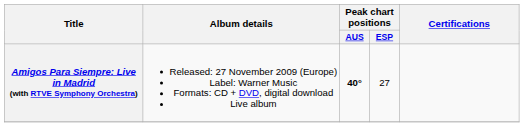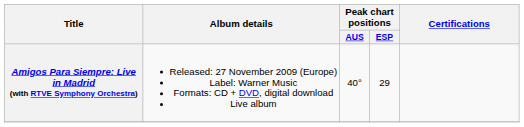 <table class="wikitable plainrowheaders" style="text-align:center;">
 <tr>
 <th scope="col" rowspan="2" style="width:14em;">Title</th>
 <th scope="col" rowspan="2" style="width:20em;">Album details</th>
 <th scope="col" colspan="2">Peak chart positions</th>
 <th scope="col" rowspan="2" style="width:12em;"><a href='#'>Certifications</a></th>
 </tr>
 <tr>
 <th scope="col" style="width:3em;font-size:90%;"><a href='#'>AUS</a><br></th>
 <th scope="col" style="width:3em;font-size:90%;"><a href='#'>ESP</a><br></th>
 </tr>
 <tr>
 <th scope="row"><em><a href='#'>Amigos Para Siempre: Live in Madrid</a></em> <br> <small> (with <a href='#'>RTVE Symphony Orchestra</a>) </small></th>
 <td><br><ul><li>Released: 27 November 2009<span> (Europe)</span></li><li>Label: Warner Music</li><li>Formats: CD + <a href='#'>DVD</a>, digital download</li><li>Live album</li></ul></td>
-<td><strong>40°</strong></td>
-<td>27</td>
+<td>40°</td>
+<td>29</td>
 <td></td>
 </tr>
 <tr>
 </tr>
 </table>
